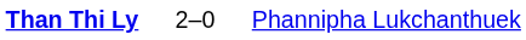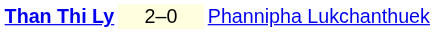 <table>
 <tr>
 <th width=400></th>
 <th width=100></th>
 <th width=400></th>
 </tr>
 <tr>
 <td align=right><strong><a href='#'>Than Thi Ly</a> </strong></td>
-<td align=center>2–0</td>
+<td align=center style="background: lightyellow;">2–0</td>
 <td> <a href='#'>Phannipha Lukchanthuek</a></td>
 </tr>
 </table>
